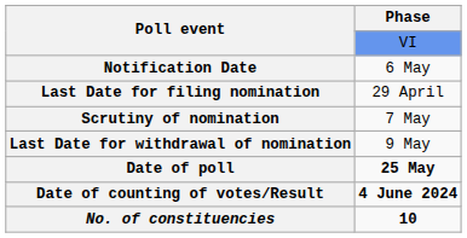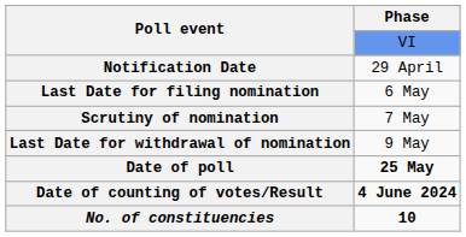 <table class="wikitable" style="text-align:center;margin:auto;font-size:90%;">
 <tr>
 <th rowspan=2>Poll event</th>
 <th>Phase</th>
 </tr>
 <tr>
 <td bgcolor=#6495ED>VI</td>
 </tr>
 <tr>
 <th>Notification Date</th>
-<td>6 May</td>
+<td>29 April</td>
 </tr>
 <tr>
 <th>Last Date for filing nomination</th>
-<td>29 April</td>
+<td>6 May</td>
 </tr>
 <tr>
 <th>Scrutiny of nomination</th>
 <td>7 May</td>
 </tr>
 <tr>
 <th>Last Date for withdrawal of nomination</th>
 <td>9 May</td>
 </tr>
 <tr>
 <th>Date of poll</th>
 <td><strong>25 May</strong></td>
 </tr>
 <tr>
 <th>Date of counting of votes/Result</th>
 <td><strong>4 June 2024</strong></td>
 </tr>
 <tr>
 <th><strong><em>No. of constituencies</em></strong></th>
 <td><strong>10</strong></td>
 </tr>
 </table>
